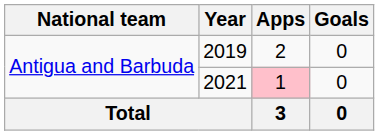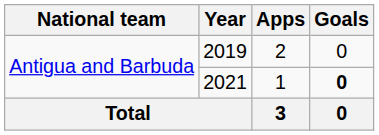 <table class="wikitable" style="text-align:center">
 <tr>
 <th>National team</th>
 <th>Year</th>
 <th>Apps</th>
 <th>Goals</th>
 </tr>
 <tr>
 <td rowspan="2"><a href='#'>Antigua and Barbuda</a></td>
 <td>2019</td>
 <td>2</td>
 <td>0</td>
 </tr>
 <tr>
 <td>2021</td>
-<td style="background: pink;">1</td>
-<td>0</td>
+<td>1</td>
+<td><strong>0</strong></td>
 </tr>
 <tr>
 <th colspan="2">Total</th>
 <th>3</th>
 <th>0</th>
 </tr>
 </table>
